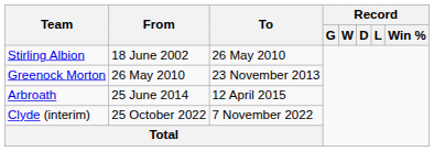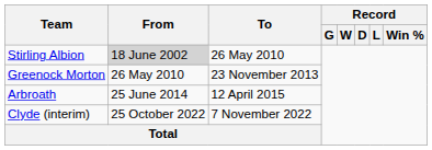 <table class="wikitable" style="text-align: center">
 <tr>
 <th rowspan="2">Team</th>
 <th rowspan="2">From</th>
 <th rowspan="2">To</th>
 <th colspan="5">Record</th>
 </tr>
 <tr>
 <th>G</th>
 <th>W</th>
 <th>D</th>
 <th>L</th>
 <th>Win %</th>
 </tr>
 <tr>
 <td align=left><a href='#'>Stirling Albion</a></td>
-<td align=left>18 June 2002</td>
+<td align=left style="background: lightgrey;">18 June 2002</td>
 <td align=left>26 May 2010<br></td>
 </tr>
 <tr>
 <td align=left><a href='#'>Greenock Morton</a></td>
 <td align=left>26 May 2010</td>
 <td align=left>23 November 2013<br></td>
 </tr>
 <tr>
 <td align=left><a href='#'>Arbroath</a></td>
 <td align=left>25 June 2014</td>
 <td align=left>12 April 2015<br></td>
 </tr>
 <tr>
 <td align=left><a href='#'>Clyde</a> (interim)</td>
 <td align=left>25 October 2022</td>
 <td align=left>7 November 2022<br></td>
 </tr>
 <tr>
 <th colspan="3">Total<br></th>
 </tr>
 </table>
